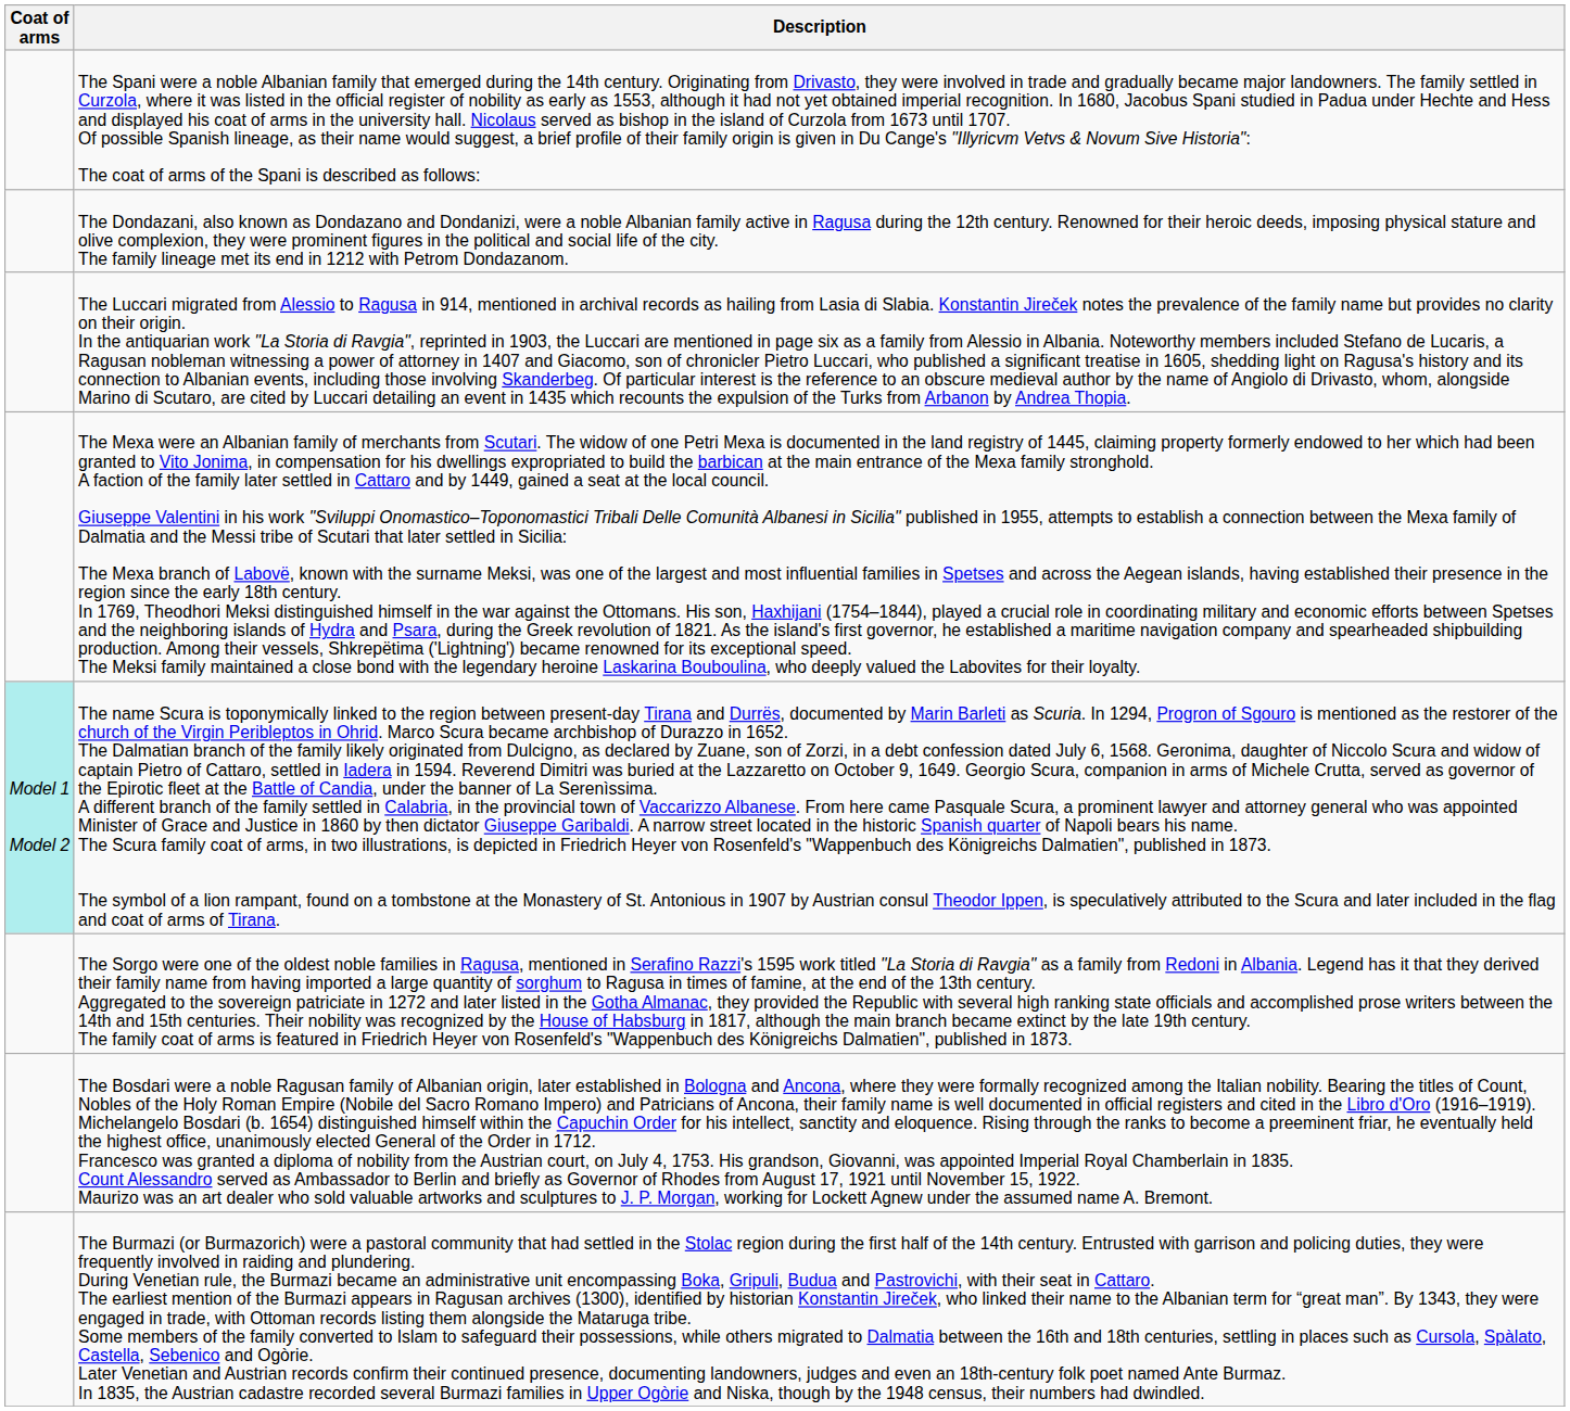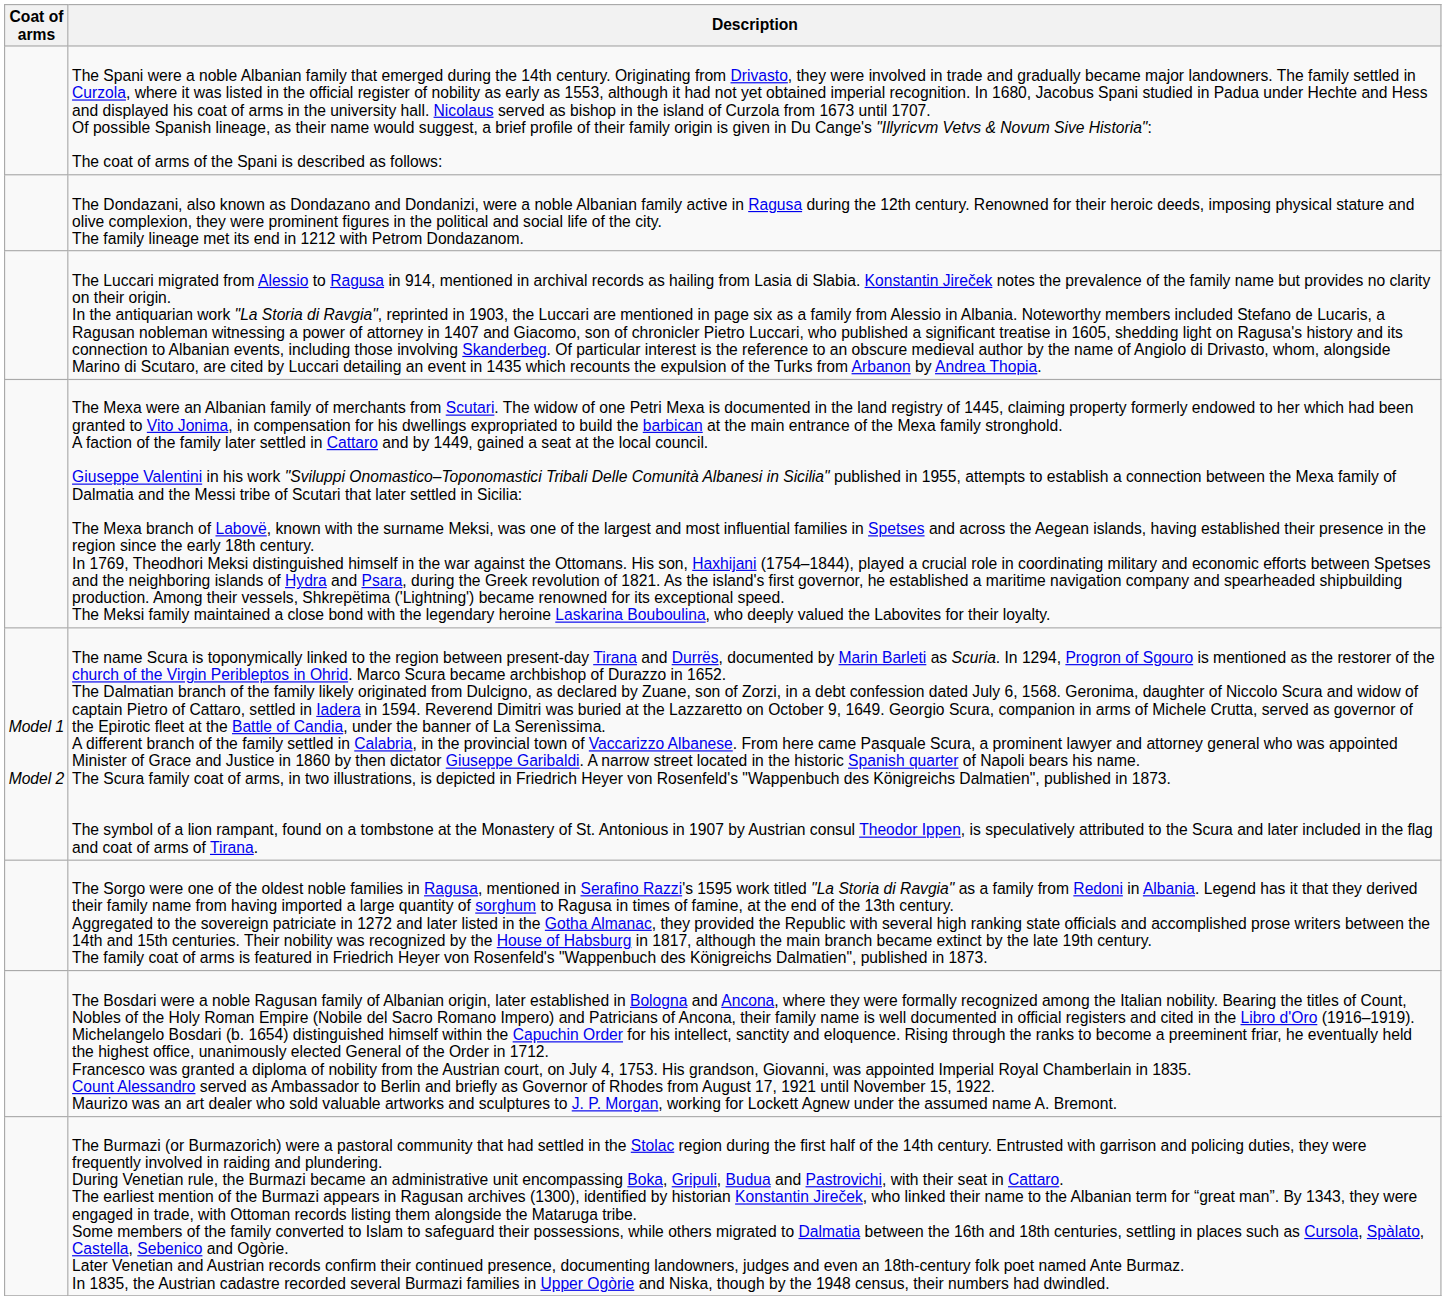 <table class="wikitable" style="font-size:85%;">
 <tr>
 <th>Coat of arms</th>
 <th>Description</th>
 </tr>
 <tr>
 <td align="center"></td>
 <td><br>The Spani were a noble Albanian family that emerged during the 14th century. Originating from <a href='#'>Drivasto</a>, they were involved in trade and gradually became major landowners. The family settled in <a href='#'>Curzola</a>, where it was listed in the official register of nobility as early as 1553, although it had not yet obtained imperial recognition. In 1680, Jacobus Spani studied in Padua under Hechte and Hess and displayed his coat of arms in the university hall. <a href='#'>Nicolaus</a> served as bishop in the island of Curzola from 1673 until 1707.<br>Of possible Spanish lineage, as their name would suggest, a brief profile of their family origin is given in Du Cange's <em>"Illyricvm Vetvs & Novum Sive Historia"</em>:<br><br>The coat of arms of the Spani is described as follows:<br></td>
 </tr>
 <tr>
 <td align="center"></td>
 <td><br>The Dondazani, also known as Dondazano and Dondanizi, were a noble Albanian family active in <a href='#'>Ragusa</a> during the 12th century. Renowned for their heroic deeds, imposing physical stature and olive complexion, they were prominent figures in the political and social life of the city.<br>The family lineage met its end in 1212 with Petrom Dondazanom.<br></td>
 </tr>
 <tr>
 <td align="center"></td>
 <td><br>The Luccari migrated from <a href='#'>Alessio</a> to <a href='#'>Ragusa</a> in 914, mentioned in archival records as hailing from Lasia di Slabia. <a href='#'>Konstantin Jireček</a> notes the prevalence of the family name but provides no clarity on their origin.<br>In the antiquarian work <em>"La Storia di Ravgia"</em>, reprinted in 1903, the Luccari are mentioned in page six as a family from Alessio in Albania. Noteworthy members included Stefano de Lucaris, a Ragusan nobleman witnessing a power of attorney in 1407 and Giacomo, son of chronicler Pietro Luccari, who published a significant treatise in 1605, shedding light on Ragusa's history and its connection to Albanian events, including those involving <a href='#'>Skanderbeg</a>. Of particular interest is the reference to an obscure medieval author by the name of Angiolo di Drivasto, whom, alongside Marino di Scutaro, are cited by Luccari detailing an event in 1435 which recounts the expulsion of the Turks from <a href='#'>Arbanon</a> by <a href='#'>Andrea Thopia</a>.<br></td>
 </tr>
 <tr>
 <td align="center"></td>
 <td><br>The Mexa were an Albanian family of merchants from <a href='#'>Scutari</a>. The widow of one Petri Mexa is documented in the land registry of 1445, claiming property formerly endowed to her which had been granted to <a href='#'>Vito Jonima</a>, in compensation for his dwellings expropriated to build the <a href='#'>barbican</a> at the main entrance of the Mexa family stronghold.<br>A faction of the family later settled in <a href='#'>Cattaro</a> and by 1449, gained a seat at the local council.<br><br><a href='#'>Giuseppe Valentini</a> in his work <em>"Sviluppi Onomastico–Toponomastici Tribali Delle Comunità Albanesi in Sicilia"</em> published in 1955, attempts to establish a connection between the Mexa family of Dalmatia and the Messi tribe of Scutari that later settled in Sicilia:<br><br>The Mexa branch of <a href='#'>Labovë</a>, known with the surname Meksi, was one of the largest and most influential families in <a href='#'>Spetses</a> and across the Aegean islands, having established their presence in the region since the early 18th century.<br>In 1769, Theodhori Meksi distinguished himself in the war against the Ottomans. His son, <a href='#'>Haxhijani</a> (1754–1844), played a crucial role in coordinating military and economic efforts between Spetses and the neighboring islands of <a href='#'>Hydra</a> and <a href='#'>Psara</a>, during the Greek revolution of 1821. As the island's first governor, he established a maritime navigation company and spearheaded shipbuilding production. Among their vessels, Shkrepëtima ('Lightning') became renowned for its exceptional speed.<br>The Meksi family maintained a close bond with the legendary heroine <a href='#'>Laskarina Bouboulina</a>, who deeply valued the Labovites for their loyalty.</td>
 </tr>
 <tr>
-<td align="center" style="background: paleturquoise;"><br><em>Model 1</em><br><br><br><em>Model 2</em></td>
+<td align="center"><br><em>Model 1</em><br><br><br><em>Model 2</em></td>
 <td><br>The name Scura is toponymically linked to the region between present-day <a href='#'>Tirana</a> and <a href='#'>Durrës</a>, documented by <a href='#'>Marin Barleti</a> as <em>Scuria</em>. In 1294, <a href='#'>Progron of Sgouro</a> is mentioned as the restorer of the <a href='#'>church of the Virgin Peribleptos in Ohrid</a>. Marco Scura became archbishop of Durazzo in 1652.<br>The Dalmatian branch of the family likely originated from Dulcigno, as declared by Zuane, son of Zorzi, in a debt confession dated July 6, 1568. Geronima, daughter of Niccolo Scura and widow of captain Pietro of Cattaro, settled in <a href='#'>Iadera</a> in 1594. Reverend Dimitri was buried at the Lazzaretto on October 9, 1649. Georgio Scura, companion in arms of Michele Crutta, served as governor of the Epirotic fleet at the <a href='#'>Battle of Candia</a>, under the banner of La Serenìssima.<br>A different branch of the family settled in <a href='#'>Calabria</a>, in the provincial town of <a href='#'>Vaccarizzo Albanese</a>. From here came Pasquale Scura, a prominent lawyer and attorney general who was appointed Minister of Grace and Justice in 1860 by then dictator <a href='#'>Giuseppe Garibaldi</a>. A narrow street located in the historic <a href='#'>Spanish quarter</a> of Napoli bears his name.<br>The Scura family coat of arms, in two illustrations, is depicted in Friedrich Heyer von Rosenfeld's "Wappenbuch des Königreichs Dalmatien", published in 1873.<br><br><br>The symbol of a lion rampant, found on a tombstone at the Monastery of St. Antonious in 1907 by Austrian consul <a href='#'>Theodor Ippen</a>, is speculatively attributed to the Scura and later included in the flag and coat of arms of <a href='#'>Tirana</a>.</td>
 </tr>
 <tr>
 <td align="center"></td>
 <td><br>The Sorgo were one of the oldest noble families in <a href='#'>Ragusa</a>, mentioned in <a href='#'>Serafino Razzi</a>'s 1595 work titled <em>"La Storia di Ravgia"</em> as a family from <a href='#'>Redoni</a> in <a href='#'>Albania</a>. Legend has it that they derived their family name from having imported a large quantity of <a href='#'>sorghum</a> to Ragusa in times of famine, at the end of the 13th century.<br>Aggregated to the sovereign patriciate in 1272 and later listed in the <a href='#'>Gotha Almanac</a>, they provided the Republic with several high ranking state officials and accomplished prose writers between the 14th and 15th centuries. Their nobility was recognized by the <a href='#'>House of Habsburg</a> in 1817, although the main branch became extinct by the late 19th century.<br>The family coat of arms is featured in Friedrich Heyer von Rosenfeld's "Wappenbuch des Königreichs Dalmatien", published in 1873.<br></td>
 </tr>
 <tr>
 <td align="center"></td>
 <td><br>The Bosdari were a noble Ragusan family of Albanian origin, later established in <a href='#'>Bologna</a> and <a href='#'>Ancona</a>, where they were formally recognized among the Italian nobility. Bearing the titles of Count, Nobles of the Holy Roman Empire (Nobile del Sacro Romano Impero) and Patricians of Ancona, their family name is well documented in official registers and cited in the <a href='#'>Libro d'Oro</a> (1916–1919).<br>Michelangelo Bosdari (b. 1654) distinguished himself within the <a href='#'>Capuchin Order</a> for his intellect, sanctity and eloquence. Rising through the ranks to become a preeminent friar, he eventually held the highest office, unanimously elected General of the Order in 1712.<br>Francesco was granted a diploma of nobility from the Austrian court, on July 4, 1753. His grandson, Giovanni, was appointed Imperial Royal Chamberlain in 1835.<br><a href='#'>Count Alessandro</a> served as Ambassador to Berlin and briefly as Governor of Rhodes from August 17, 1921 until November 15, 1922.<br>Maurizo was an art dealer who sold valuable artworks and sculptures to <a href='#'>J. P. Morgan</a>, working for Lockett Agnew under the assumed name A. Bremont.<br></td>
 </tr>
 <tr>
 <td align="center"></td>
 <td><br>The Burmazi (or Burmazorich) were a pastoral community that had settled in the <a href='#'>Stolac</a> region during the first half of the 14th century. Entrusted with garrison and policing duties, they were frequently involved in raiding and plundering.<br>During Venetian rule, the Burmazi became an administrative unit encompassing <a href='#'>Boka</a>, <a href='#'>Gripuli</a>, <a href='#'>Budua</a> and <a href='#'>Pastrovichi</a>, with their seat in <a href='#'>Cattaro</a>.<br>The earliest mention of the Burmazi appears in Ragusan archives (1300), identified by historian <a href='#'>Konstantin Jireček</a>, who linked their name to the Albanian term for “great man”. By 1343, they were engaged in trade, with Ottoman records listing them alongside the Mataruga tribe.<br>Some members of the family converted to Islam to safeguard their possessions, while others migrated to <a href='#'>Dalmatia</a> between the 16th and 18th centuries, settling in places such as <a href='#'>Cursola</a>, <a href='#'>Spàlato</a>, <a href='#'>Castella</a>, <a href='#'>Sebenico</a> and Ogòrie.<br>Later Venetian and Austrian records confirm their continued presence, documenting landowners, judges and even an 18th-century folk poet named Ante Burmaz.<br>In 1835, the Austrian cadastre recorded several Burmazi families in <a href='#'>Upper Ogòrie</a> and Niska, though by the 1948 census, their numbers had dwindled.<br></td>
 </tr>
 <tr>
 </tr>
 </table>
